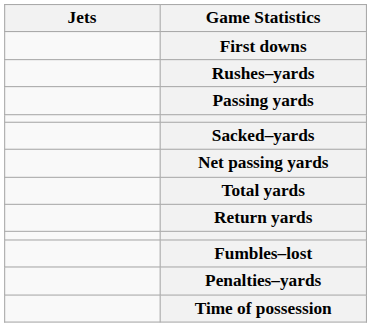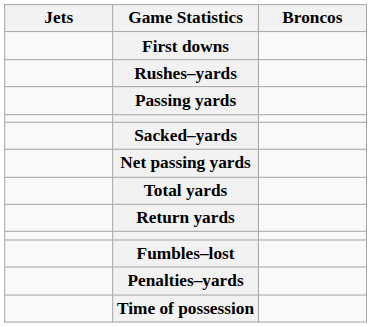 <table class="wikitable" style="margin: 1em auto 1em auto">
 <tr>
 <th style="width:30%;">Jets</th>
 <th style="width:40%;">Game Statistics</th>
+<th style="width:30%;">Broncos</th>
 </tr>
 <tr>
 <td style="text-align:right;"></td>
 <th>First downs</th>
+<td></td>
 </tr>
 <tr>
 <td style="text-align:right;"></td>
 <th>Rushes–yards</th>
+<td></td>
 </tr>
 <tr>
 <td style="text-align:right;"></td>
 <th>Passing yards</th>
+<td></td>
 </tr>
 <tr>
 <td style="text-align:right;"></td>
 <th></th>
+<td></td>
 </tr>
 <tr>
 <td style="text-align:right;"></td>
 <th>Sacked–yards</th>
+<td></td>
 </tr>
 <tr>
 <td style="text-align:right;"></td>
 <th>Net passing yards</th>
+<td></td>
 </tr>
 <tr>
 <td style="text-align:right;"></td>
 <th>Total yards</th>
+<td></td>
 </tr>
 <tr>
 <td style="text-align:right;"></td>
 <th>Return yards</th>
+<td></td>
 </tr>
 <tr>
 <td style="text-align:right;"></td>
 <th></th>
+<td></td>
 </tr>
 <tr>
 <td style="text-align:right;"></td>
 <th>Fumbles–lost</th>
+<td></td>
 </tr>
 <tr>
 <td style="text-align:right;"></td>
 <th>Penalties–yards</th>
+<td></td>
 </tr>
 <tr>
 <td style="text-align:right;"></td>
 <th>Time of possession</th>
+<td></td>
 </tr>
 </table>
